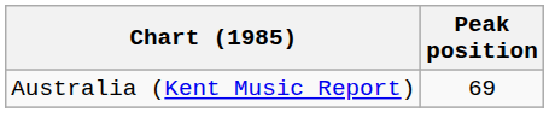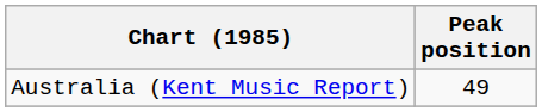 <table class="wikitable">
 <tr>
 <th>Chart (1985)</th>
 <th>Peak<br>position</th>
 </tr>
 <tr>
 <td>Australia (<a href='#'>Kent Music Report</a>)</td>
-<td style="text-align:center;">69</td>
+<td style="text-align:center;">49</td>
 </tr>
 </table>
